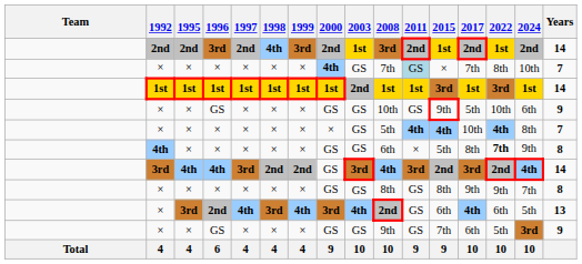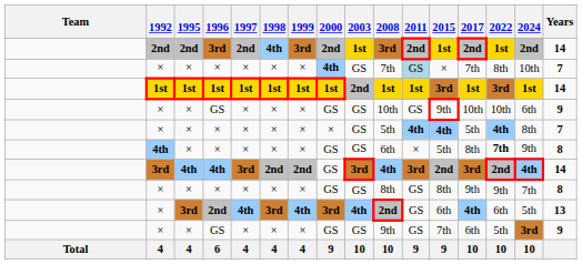 <table class="wikitable" style="text-align:center; font-size:90%">
 <tr>
 <th width=170>Team</th>
 <th><br><a href='#'>1992</a></th>
 <th><br><a href='#'>1995</a></th>
 <th><br><a href='#'>1996</a></th>
 <th><br><a href='#'>1997</a></th>
 <th><br><a href='#'>1998</a></th>
 <th><br><a href='#'>1999</a></th>
 <th><br><a href='#'>2000</a></th>
 <th><br><a href='#'>2003</a></th>
 <th><br><a href='#'>2008</a></th>
 <th><br><a href='#'>2011</a></th>
 <th><br><a href='#'>2015</a></th>
 <th><br><a href='#'>2017</a></th>
 <th><br><a href='#'>2022</a></th>
 <th><br><a href='#'>2024</a></th>
 <th>Years</th>
 </tr>
 <tr>
 <td align=left></td>
 <td bgcolor=silver><strong>2nd</strong></td>
 <td bgcolor=silver><strong>2nd</strong></td>
 <td bgcolor=#cd7f32><strong>3rd</strong></td>
 <td bgcolor=silver><strong>2nd</strong></td>
 <td bgcolor=#9acdff><strong>4th</strong></td>
 <td bgcolor=#cd7f32><strong>3rd</strong></td>
 <td bgcolor=silver><strong>2nd</strong></td>
 <td bgcolor=gold><strong>1st</strong></td>
 <td bgcolor=#cd7f32><strong>3rd</strong></td>
 <td style="border:3px solid red" bgcolor=silver><strong>2nd</strong></td>
 <td bgcolor=gold><strong>1st</strong></td>
 <td style="border:3px solid red" bgcolor=silver><strong>2nd</strong></td>
 <td bgcolor=gold><strong>1st</strong></td>
 <td bgcolor=silver><strong>2nd</strong></td>
 <td><strong>14</strong></td>
 </tr>
 <tr>
 <td align=left></td>
 <td>×</td>
 <td>×</td>
 <td>×</td>
 <td>×</td>
 <td>×</td>
 <td>×</td>
 <td bgcolor=#9acdff><strong>4th</strong></td>
 <td>GS</td>
 <td>7th</td>
 <td style="background: lightblue;">GS</td>
 <td>×</td>
 <td>7th</td>
 <td>8th</td>
 <td>10th</td>
 <td><strong>7</strong></td>
 </tr>
 <tr>
 <td align=left></td>
 <td style="border:3px solid red" bgcolor=gold><strong>1st</strong></td>
 <td style="border:3px solid red" bgcolor=gold><strong>1st</strong></td>
 <td style="border:3px solid red" bgcolor=gold><strong>1st</strong></td>
 <td style="border:3px solid red" bgcolor=gold><strong>1st</strong></td>
 <td style="border:3px solid red" bgcolor=gold><strong>1st</strong></td>
 <td style="border:3px solid red" bgcolor=gold><strong>1st</strong></td>
 <td style="border:3px solid red" bgcolor=gold><strong>1st</strong></td>
 <td bgcolor=silver><strong>2nd</strong></td>
 <td bgcolor=gold><strong>1st</strong></td>
 <td bgcolor=gold><strong>1st</strong></td>
 <td bgcolor=#cd7f32><strong>3rd</strong></td>
 <td bgcolor=gold><strong>1st</strong></td>
 <td bgcolor=#cd7f32><strong>3rd</strong></td>
 <td bgcolor=gold><strong>1st</strong></td>
 <td><strong>14</strong></td>
 </tr>
 <tr>
 <td align=left></td>
 <td>×</td>
 <td>×</td>
 <td>GS</td>
 <td>×</td>
 <td>×</td>
 <td>×</td>
 <td>GS</td>
 <td>GS</td>
 <td>10th</td>
 <td>GS</td>
 <td style="border: 3px solid red">9th</td>
-<td>5th</td>
+<td>10th</td>
 <td>10th</td>
 <td>6th</td>
 <td><strong>9</strong></td>
 </tr>
 <tr>
 <td align=left></td>
 <td>×</td>
 <td>×</td>
 <td>×</td>
 <td>×</td>
 <td>×</td>
 <td>×</td>
 <td>×</td>
 <td>GS</td>
 <td>5th</td>
 <td bgcolor=#9acdff><strong>4th</strong></td>
 <td bgcolor=#9acdff><strong>4th</strong></td>
-<td>10th</td>
+<td>5th</td>
 <td bgcolor=#9acdff><strong>4th</strong></td>
 <td>8th</td>
 <td><strong>7</strong></td>
 </tr>
 <tr>
 <td align=left></td>
 <td bgcolor=#9acdff><strong>4th</strong></td>
 <td>×</td>
 <td>×</td>
 <td>×</td>
 <td>×</td>
 <td>×</td>
 <td>GS</td>
 <td>GS</td>
 <td>6th</td>
 <td>×</td>
 <td>5th</td>
 <td>8th</td>
 <td><strong>7th</strong></td>
 <td>9th</td>
 <td><strong>8</strong></td>
 </tr>
 <tr>
 <td align=left></td>
 <td bgcolor=#cd7f32><strong>3rd</strong></td>
 <td bgcolor=#9acdff><strong>4th</strong></td>
 <td bgcolor=#9acdff><strong>4th</strong></td>
 <td bgcolor=#cd7f32><strong>3rd</strong></td>
 <td bgcolor=silver><strong>2nd</strong></td>
 <td bgcolor=silver><strong>2nd</strong></td>
 <td>GS</td>
 <td style="border:3px solid red" bgcolor=#cd7f32><strong>3rd</strong></td>
 <td bgcolor=#9acdff><strong>4th</strong></td>
 <td bgcolor=#cd7f32><strong>3rd</strong></td>
 <td bgcolor=silver><strong>2nd</strong></td>
 <td bgcolor=#cd7f32><strong>3rd</strong></td>
 <td style="border:3px solid red" bgcolor=silver><strong>2nd</strong></td>
 <td style="border:3px solid red" bgcolor=#9acdff><strong>4th</strong></td>
 <td><strong>14</strong></td>
 </tr>
 <tr>
 <td align=left></td>
 <td>×</td>
 <td>×</td>
 <td>×</td>
 <td>×</td>
 <td>×</td>
 <td>×</td>
 <td>GS</td>
 <td>GS</td>
 <td>8th</td>
 <td>GS</td>
 <td>8th</td>
 <td>9th</td>
 <td>9th</td>
 <td>7th</td>
 <td><strong>8</strong></td>
 </tr>
 <tr>
 <td align=left></td>
 <td>×</td>
 <td bgcolor=#cd7f32><strong>3rd</strong></td>
 <td bgcolor=silver><strong>2nd</strong></td>
 <td bgcolor=#9acdff><strong>4th</strong></td>
 <td bgcolor=#cd7f32><strong>3rd</strong></td>
 <td bgcolor=#9acdff><strong>4th</strong></td>
 <td bgcolor=#cd7f32><strong>3rd</strong></td>
 <td bgcolor=#9acdff><strong>4th</strong></td>
 <td style="border:3px solid red" bgcolor=silver><strong>2nd</strong></td>
 <td>GS</td>
 <td>6th</td>
 <td bgcolor=#9acdff><strong>4th</strong></td>
 <td>6th</td>
 <td>5th</td>
 <td><strong>13</strong></td>
 </tr>
 <tr>
 <td align=left></td>
 <td>×</td>
 <td>×</td>
 <td>GS</td>
 <td>×</td>
 <td>×</td>
 <td>×</td>
 <td>GS</td>
 <td>GS</td>
 <td>9th</td>
 <td>GS</td>
 <td>7th</td>
 <td>6th</td>
 <td>5th</td>
 <td bgcolor=#cd7f32><strong>3rd</strong></td>
 <td><strong>9</strong></td>
 </tr>
 <tr>
 <th>Total</th>
 <th>4</th>
 <th>4</th>
 <th>6</th>
 <th>4</th>
 <th>4</th>
 <th>4</th>
 <th>9</th>
 <th>10</th>
 <th>10</th>
 <th>9</th>
 <th>9</th>
 <th>10</th>
 <th>10</th>
 <th>10</th>
 <th></th>
 </tr>
 </table>
